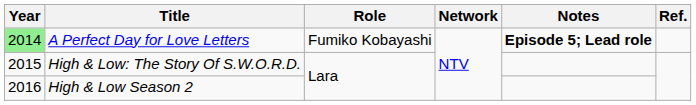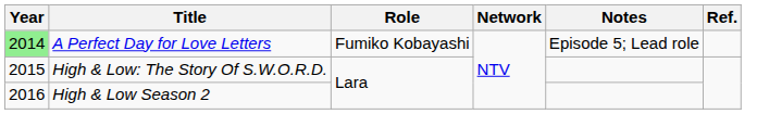 <table class="wikitable">
 <tr>
 <th>Year</th>
 <th>Title</th>
 <th>Role</th>
 <th>Network</th>
 <th>Notes</th>
 <th>Ref.</th>
 </tr>
 <tr>
 <td style="background: lightgreen;">2014</td>
 <td><em><a href='#'>A Perfect Day for Love Letters</a></em></td>
 <td>Fumiko Kobayashi</td>
 <td rowspan="3"><a href='#'>NTV</a></td>
-<td><strong>Episode 5; Lead role</strong></td>
+<td>Episode 5; Lead role</td>
 <td></td>
 </tr>
 <tr>
 <td>2015</td>
 <td><em>High & Low: The Story Of S.W.O.R.D.</em></td>
 <td rowspan="2">Lara</td>
 <td></td>
 <td rowspan="2"></td>
 </tr>
 <tr>
 <td>2016</td>
 <td><em>High & Low Season 2</em></td>
 <td></td>
 </tr>
 </table>
